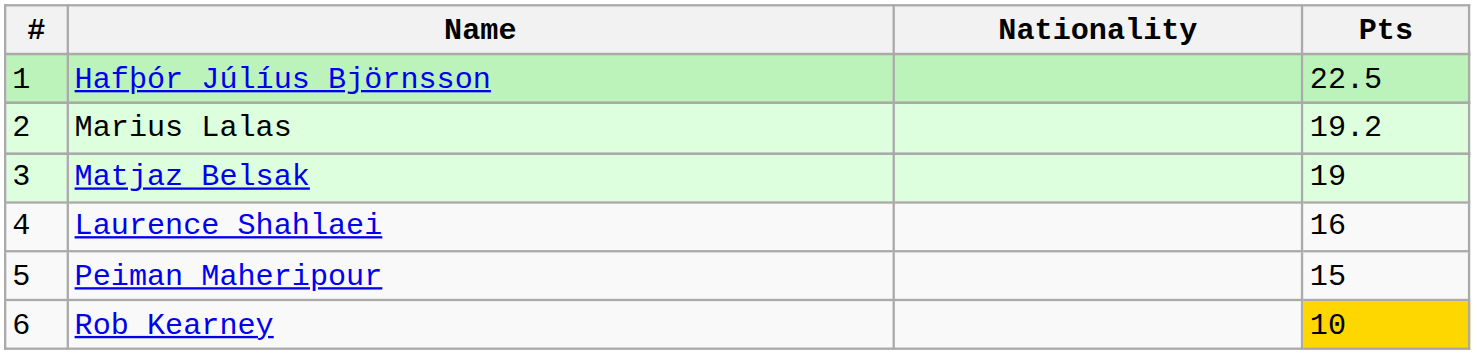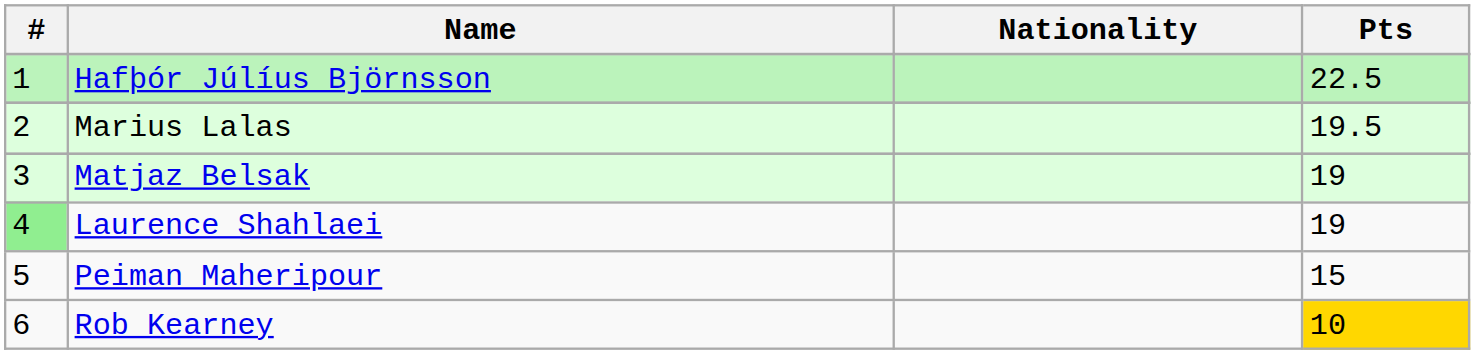 <table class="wikitable" style="display: inline-table;width: 50%;">
 <tr>
 <th>#</th>
 <th>Name</th>
 <th>Nationality</th>
 <th>Pts</th>
 </tr>
 <tr>
 </tr>
 <tr bgcolor=bbf3bb>
 <td>1</td>
 <td><a href='#'>Hafþór Júlíus Björnsson</a></td>
 <td></td>
 <td>22.5</td>
 </tr>
 <tr>
 </tr>
 <tr bgcolor=ddffdd>
 <td>2</td>
 <td>Marius Lalas</td>
 <td></td>
-<td>19.2</td>
+<td>19.5</td>
 </tr>
 <tr>
 </tr>
 <tr bgcolor=ddffdd>
 <td>3</td>
 <td><a href='#'>Matjaz Belsak</a></td>
 <td></td>
 <td>19</td>
 </tr>
 <tr>
-<td>4</td>
+<td style="background: lightgreen;">4</td>
 <td><a href='#'>Laurence Shahlaei</a></td>
 <td></td>
-<td>16</td>
+<td>19</td>
 </tr>
 <tr>
 <td>5</td>
 <td><a href='#'>Peiman Maheripour</a></td>
 <td></td>
 <td>15</td>
 </tr>
 <tr>
 <td>6</td>
 <td><a href='#'>Rob Kearney</a></td>
 <td></td>
 <td style="background: gold;">10</td>
 </tr>
 </table>
